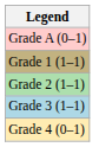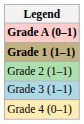 <table class="wikitable" style="font-size:85%;">
 <tr>
 <th>Legend</th>
 </tr>
 <tr style="background:#ffcccc;">
-<td>Grade A (0–1)</td>
+<td><strong>Grade A (0–1)</strong></td>
 </tr>
 <tr style="background:#c2b280;">
-<td>Grade 1 (1–1)</td>
+<td><strong>Grade 1 (1–1)</strong></td>
 </tr>
 <tr style="background:#addfad;">
 <td>Grade 2 (1–1)</td>
 </tr>
 <tr style="background:lightblue;">
 <td>Grade 3 (1–1)</td>
 </tr>
 <tr style="background:#ffecb2;">
 <td>Grade 4 (0–1)</td>
 </tr>
 </table>
